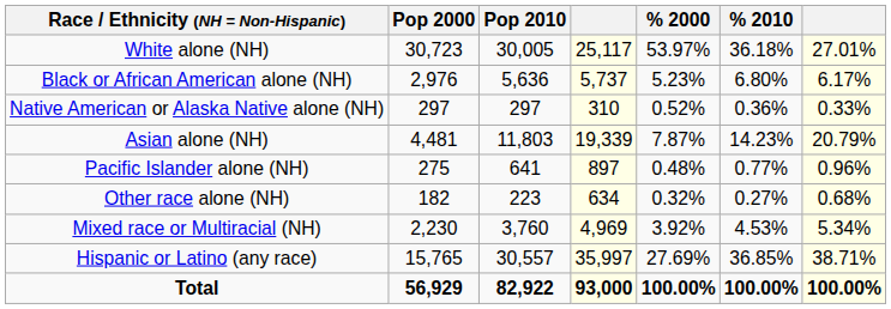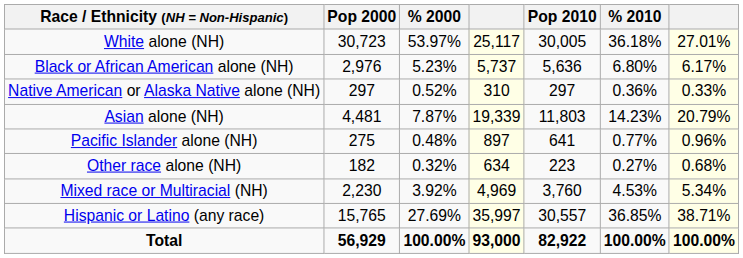 <table class="wikitable" style="text-align:center;">
 <tr>
 <th>Race / Ethnicity <small>(<em>NH = Non-Hispanic</em>)</small></th>
 <th>Pop 2000</th>
+<th>% 2000</th>
+<th></th>
 <th>Pop 2010</th>
-<th></th>
-<th>% 2000</th>
 <th>% 2010</th>
 <th></th>
 </tr>
 <tr>
 <td><a href='#'>White</a> alone (NH)</td>
 <td>30,723</td>
+<td>53.97%</td>
+<td style='background: #ffffe6;'>25,117</td>
 <td>30,005</td>
-<td style='background: #ffffe6;'>25,117</td>
-<td>53.97%</td>
 <td>36.18%</td>
 <td style='background: #ffffe6;'>27.01%</td>
 </tr>
 <tr>
 <td><a href='#'>Black or African American</a> alone (NH)</td>
 <td>2,976</td>
+<td>5.23%</td>
+<td style='background: #ffffe6;'>5,737</td>
 <td>5,636</td>
-<td style='background: #ffffe6;'>5,737</td>
-<td>5.23%</td>
 <td>6.80%</td>
 <td style='background: #ffffe6;'>6.17%</td>
 </tr>
 <tr>
 <td><a href='#'>Native American</a> or <a href='#'>Alaska Native</a> alone (NH)</td>
 <td>297</td>
+<td>0.52%</td>
+<td style='background: #ffffe6;'>310</td>
 <td>297</td>
-<td style='background: #ffffe6;'>310</td>
-<td>0.52%</td>
 <td>0.36%</td>
 <td style='background: #ffffe6;'>0.33%</td>
 </tr>
 <tr>
 <td><a href='#'>Asian</a> alone (NH)</td>
 <td>4,481</td>
+<td>7.87%</td>
+<td style='background: #ffffe6;'>19,339</td>
 <td>11,803</td>
-<td style='background: #ffffe6;'>19,339</td>
-<td>7.87%</td>
 <td>14.23%</td>
 <td style='background: #ffffe6;'>20.79%</td>
 </tr>
 <tr>
 <td><a href='#'>Pacific Islander</a> alone (NH)</td>
 <td>275</td>
+<td>0.48%</td>
+<td style='background: #ffffe6;'>897</td>
 <td>641</td>
-<td style='background: #ffffe6;'>897</td>
-<td>0.48%</td>
 <td>0.77%</td>
 <td style='background: #ffffe6;'>0.96%</td>
 </tr>
 <tr>
 <td><a href='#'>Other race</a> alone (NH)</td>
 <td>182</td>
+<td>0.32%</td>
+<td style='background: #ffffe6;'>634</td>
 <td>223</td>
-<td style='background: #ffffe6;'>634</td>
-<td>0.32%</td>
 <td>0.27%</td>
 <td style='background: #ffffe6;'>0.68%</td>
 </tr>
 <tr>
 <td><a href='#'>Mixed race or Multiracial</a> (NH)</td>
 <td>2,230</td>
+<td>3.92%</td>
+<td style='background: #ffffe6;'>4,969</td>
 <td>3,760</td>
-<td style='background: #ffffe6;'>4,969</td>
-<td>3.92%</td>
 <td>4.53%</td>
 <td style='background: #ffffe6;'>5.34%</td>
 </tr>
 <tr>
 <td><a href='#'>Hispanic or Latino</a> (any race)</td>
 <td>15,765</td>
+<td>27.69%</td>
+<td style='background: #ffffe6;'>35,997</td>
 <td>30,557</td>
-<td style='background: #ffffe6;'>35,997</td>
-<td>27.69%</td>
 <td>36.85%</td>
 <td style='background: #ffffe6;'>38.71%</td>
 </tr>
 <tr>
 <td><strong>Total</strong></td>
 <td><strong>56,929</strong></td>
+<td><strong>100.00%</strong></td>
+<td style='background: #ffffe6;'><strong>93,000</strong></td>
 <td><strong>82,922</strong></td>
-<td style='background: #ffffe6;'><strong>93,000</strong></td>
-<td><strong>100.00%</strong></td>
 <td><strong>100.00%</strong></td>
 <td style='background: #ffffe6;'><strong>100.00%</strong></td>
 </tr>
 </table>
